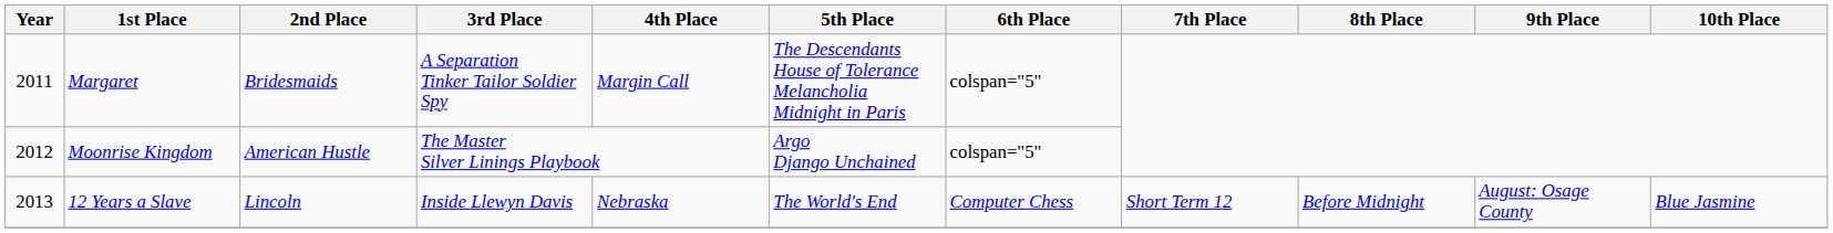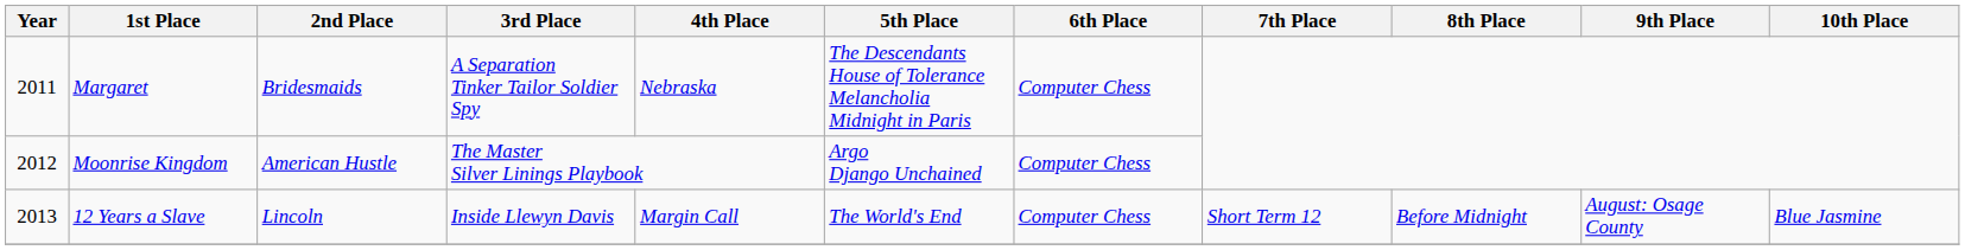 <table class="wikitable">
 <tr>
 <th scope="col" width="3%">Year</th>
 <th scope="col" width="9%">1st Place</th>
 <th scope="col" width="9%">2nd Place</th>
 <th scope="col" width="9%">3rd Place</th>
 <th scope="col" width="9%">4th Place</th>
 <th scope="col" width="9%">5th Place</th>
 <th scope="col" width="9%">6th Place</th>
 <th scope="col" width="9%">7th Place</th>
 <th scope="col" width="9%">8th Place</th>
 <th scope="col" width="9%">9th Place</th>
 <th scope="col" width="9%">10th Place</th>
 </tr>
 <tr>
 <td align="center">2011</td>
 <td><em><a href='#'>Margaret</a></em></td>
 <td><em><a href='#'>Bridesmaids</a></em></td>
 <td><em><a href='#'>A Separation</a></em><br><em><a href='#'>Tinker Tailor Soldier Spy</a></em></td>
-<td><em><a href='#'>Margin Call</a></em></td>
+<td><em><a href='#'>Nebraska</a></em></td>
 <td><em><a href='#'>The Descendants</a></em><br><em><a href='#'>House of Tolerance</a></em><br><em><a href='#'>Melancholia</a></em><br><em><a href='#'>Midnight in Paris</a></em></td>
-<td>colspan="5" </td>
+<td><em><a href='#'>Computer Chess</a></em></td>
 </tr>
 <tr>
 <td align="center">2012</td>
 <td><em><a href='#'>Moonrise Kingdom</a></em></td>
 <td><em><a href='#'>American Hustle</a></em></td>
 <td colspan="2"><em><a href='#'>The Master</a></em><br><em><a href='#'>Silver Linings Playbook</a></em></td>
 <td><em><a href='#'>Argo</a></em><br><em><a href='#'>Django Unchained</a></em></td>
-<td>colspan="5" </td>
+<td><em><a href='#'>Computer Chess</a></em></td>
 </tr>
 <tr>
 <td align="center">2013</td>
 <td><em><a href='#'>12 Years a Slave</a></em></td>
 <td><em><a href='#'>Lincoln</a></em></td>
 <td><em><a href='#'>Inside Llewyn Davis</a></em></td>
-<td><em><a href='#'>Nebraska</a></em></td>
+<td><em><a href='#'>Margin Call</a></em></td>
 <td><em><a href='#'>The World's End</a></em></td>
 <td><em><a href='#'>Computer Chess</a></em></td>
 <td><em><a href='#'>Short Term 12</a></em></td>
 <td><em><a href='#'>Before Midnight</a></em></td>
 <td><em><a href='#'>August: Osage County</a></em></td>
 <td><em><a href='#'>Blue Jasmine</a></em></td>
 </tr>
 <tr>
 </tr>
 </table>
